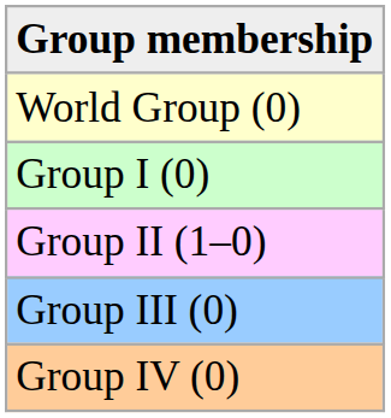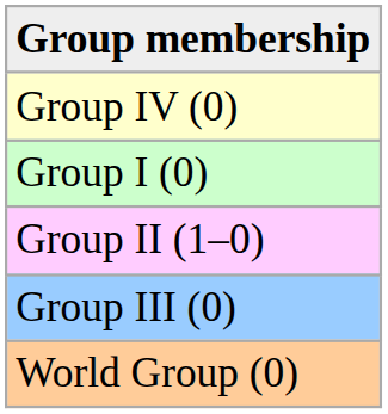 <table class="wikitable">
 <tr bgcolor="#eeeeee">
 <td><strong>Group membership</strong></td>
 </tr>
 <tr bgcolor="#FFFFCC">
-<td>World Group (0)</td>
+<td>Group IV (0)</td>
 </tr>
 <tr bgcolor="#CCFFCC">
 <td>Group I (0)</td>
 </tr>
 <tr bgcolor="#FFCCFF">
 <td>Group II (1–0)</td>
 </tr>
 <tr bgcolor="#99CCFF">
 <td>Group III (0)</td>
 </tr>
 <tr bgcolor="#FFCC99">
-<td>Group IV (0)</td>
+<td>World Group (0)</td>
 </tr>
 </table>
